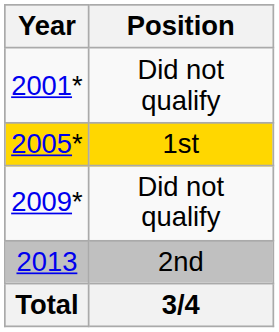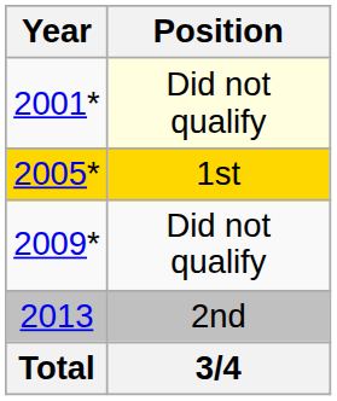 <table class="wikitable" style="text-align: center;">
 <tr>
 <th>Year</th>
 <th width="100">Position</th>
 </tr>
 <tr>
 <td> <a href='#'>2001</a>*</td>
-<td>Did not qualify</td>
+<td style="background: lightyellow;">Did not qualify</td>
 </tr>
 <tr bgcolor=gold>
 <td> <a href='#'>2005</a>*</td>
 <td>1st</td>
 </tr>
 <tr>
 <td> <a href='#'>2009</a>*</td>
 <td>Did not qualify</td>
 </tr>
 <tr bgcolor=silver>
 <td> <a href='#'>2013</a></td>
 <td>2nd</td>
 </tr>
 <tr>
 <th>Total</th>
 <th>3/4</th>
 </tr>
 </table>
